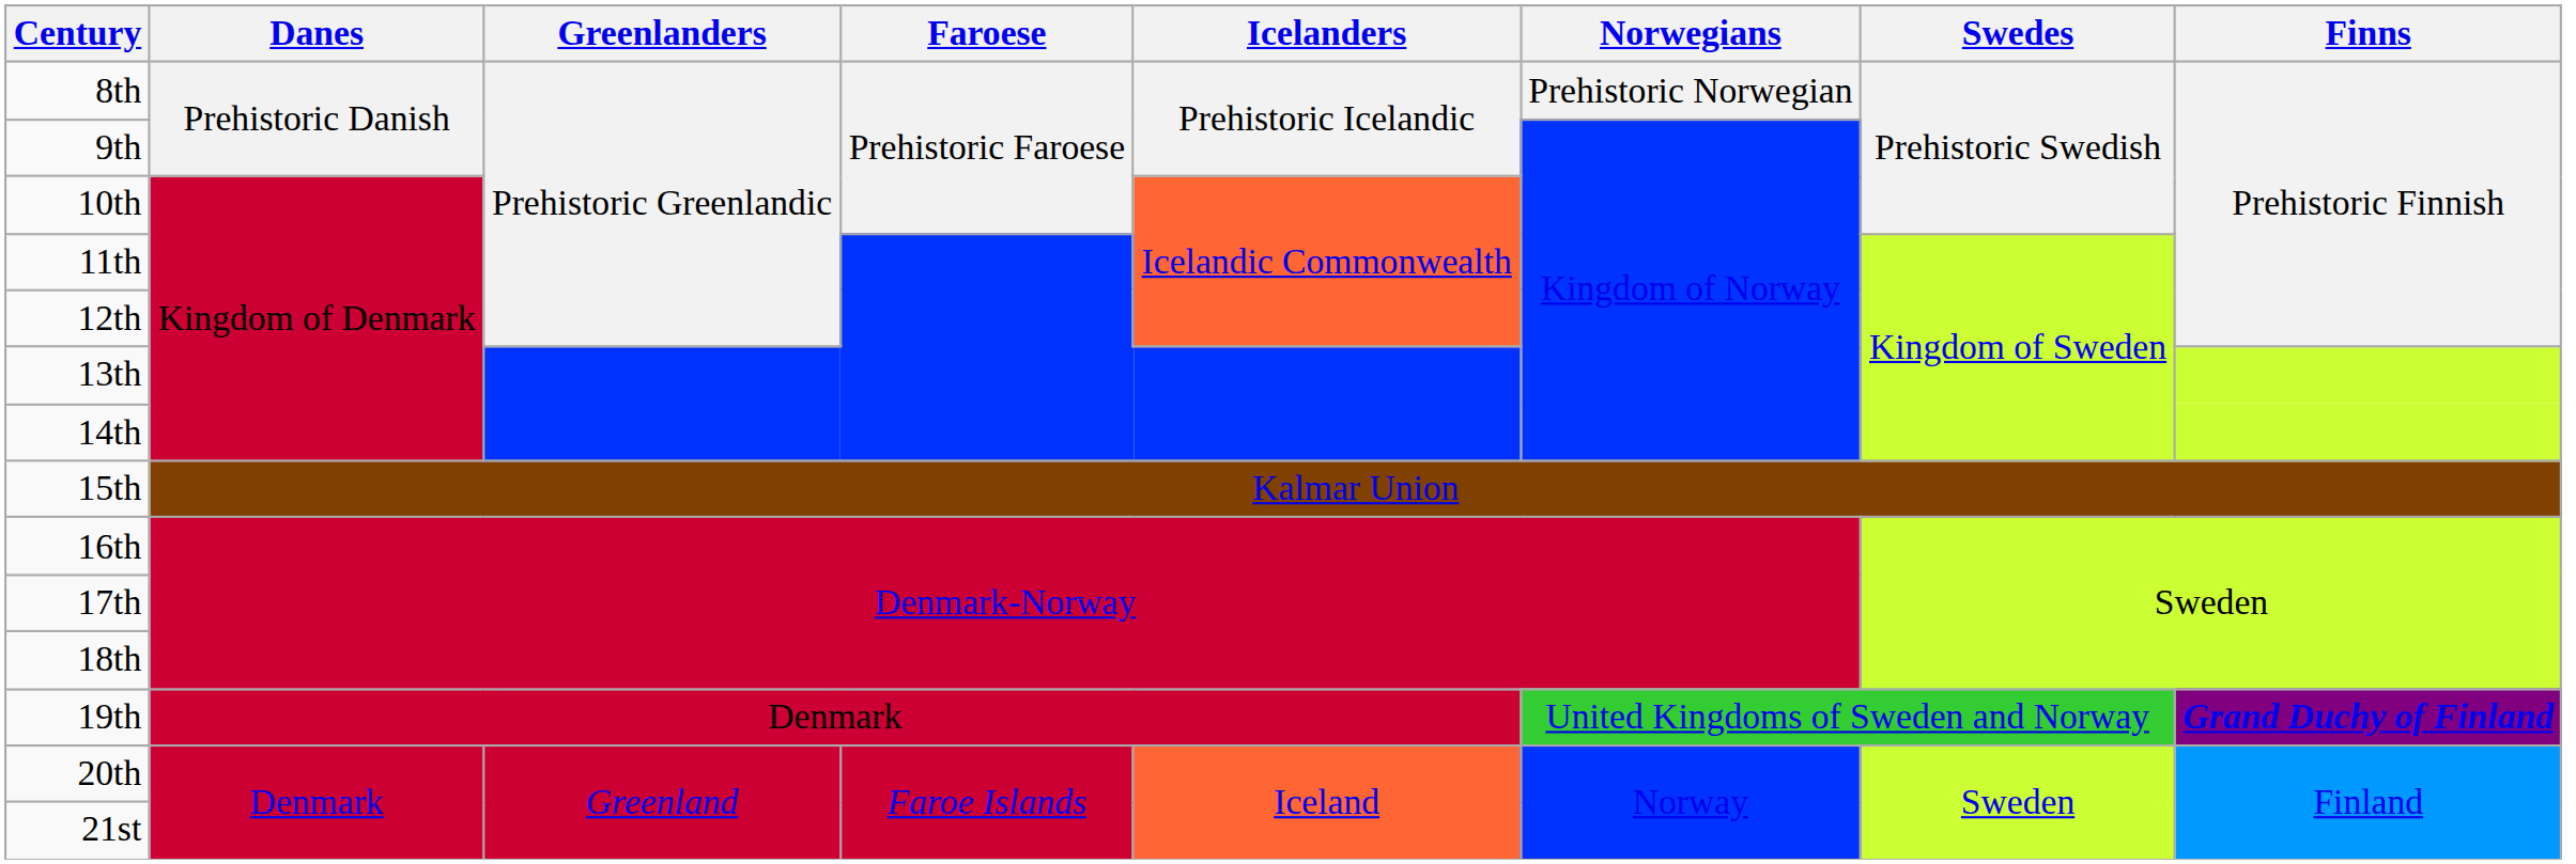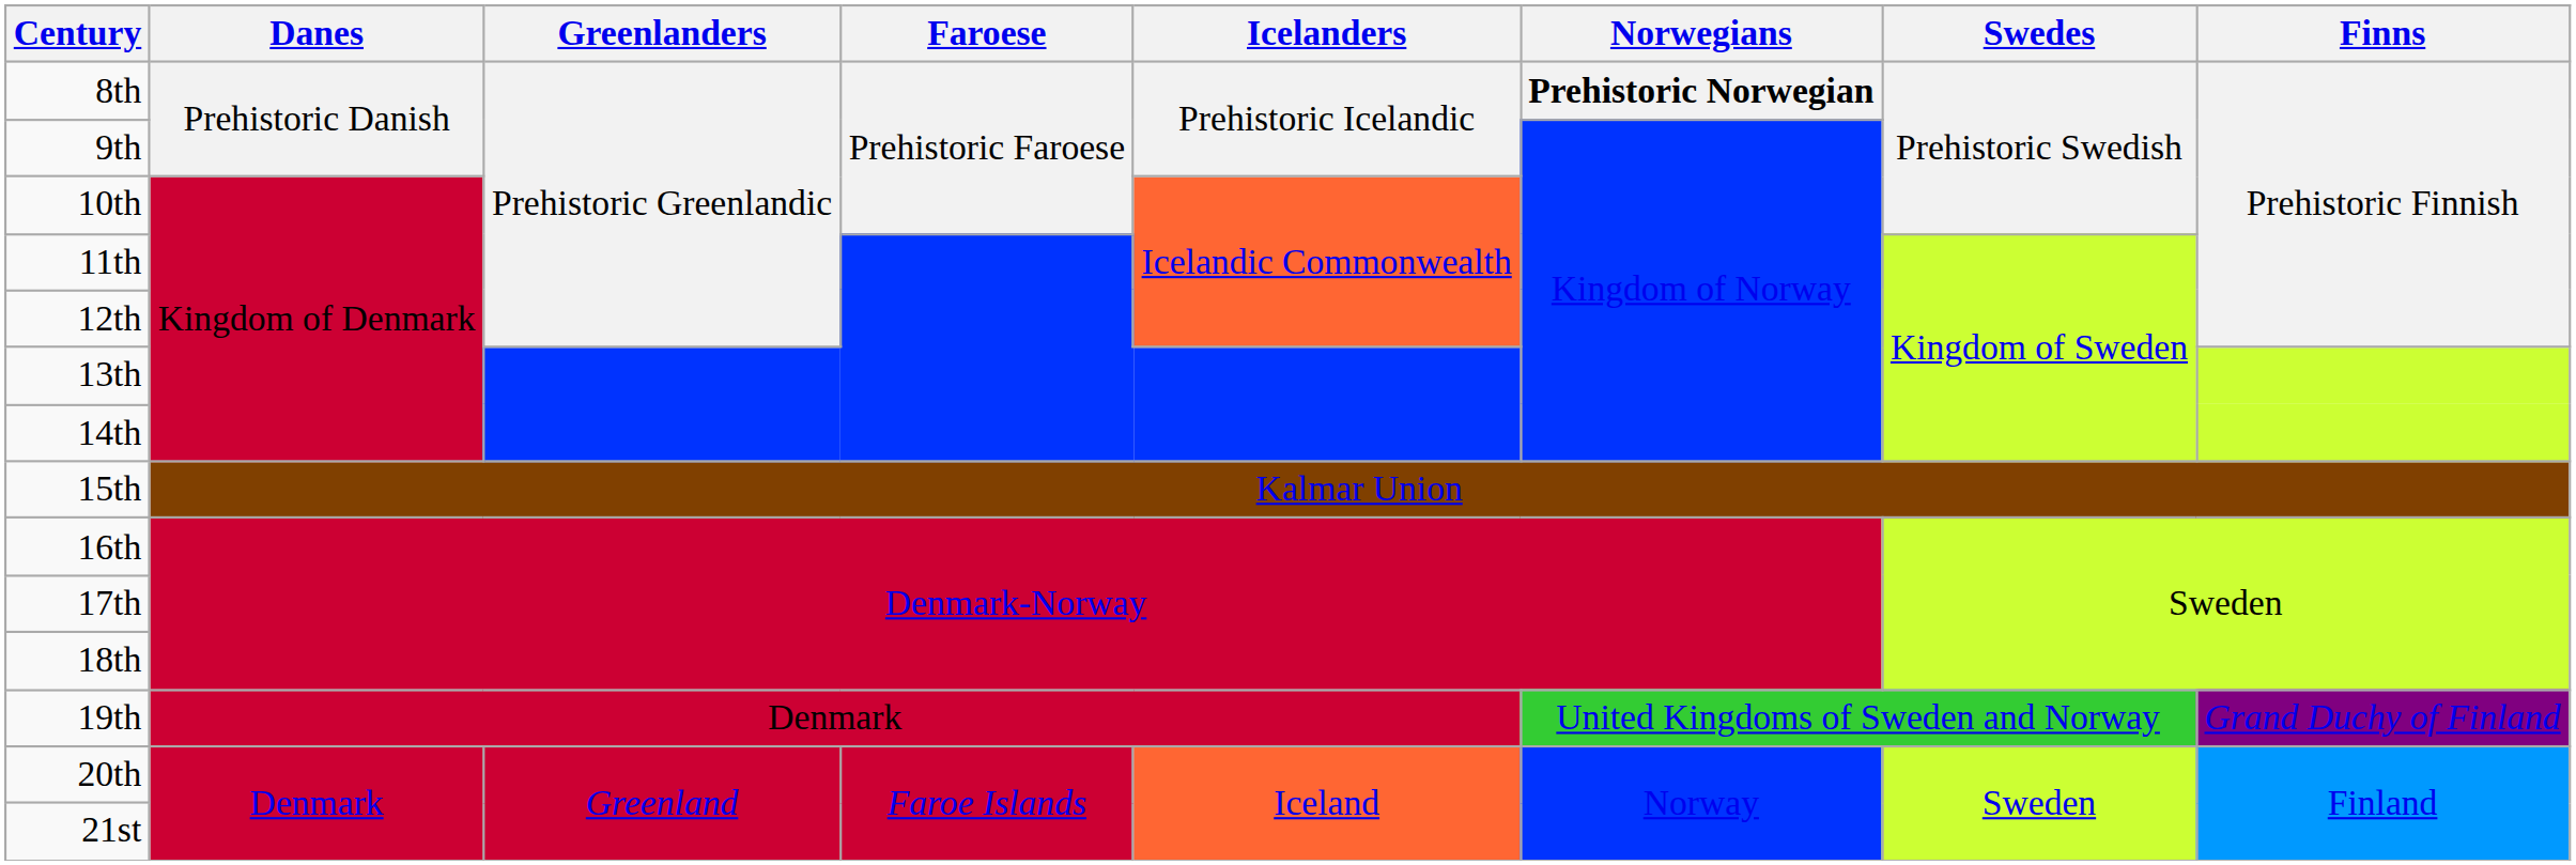 <table class="wikitable" style="text-align: center;">
 <tr>
 <th><a href='#'>Century</a></th>
 <th><a href='#'>Danes</a></th>
 <th><a href='#'>Greenlanders</a></th>
 <th><a href='#'>Faroese</a></th>
 <th><a href='#'>Icelanders</a></th>
 <th><a href='#'>Norwegians</a></th>
 <th><a href='#'>Swedes</a></th>
 <th><a href='#'>Finns</a></th>
 </tr>
 <tr>
 <td style="text-align: right;">8th</td>
 <td rowspan="2" style="background:#f2f2f2;">Prehistoric Danish<br></td>
 <td rowspan="5" style="background:#f2f2f2;">Prehistoric Greenlandic<br></td>
 <td rowspan="3" style="background:#f2f2f2;">Prehistoric Faroese<br></td>
 <td rowspan="2" style="background:#f2f2f2;">Prehistoric Icelandic<br></td>
-<td style="background:#f2f2f2;">Prehistoric Norwegian<br></td>
+<td style="background:#f2f2f2;"><strong>Prehistoric Norwegian<br></strong></td>
 <td rowspan="3" style="background:#f2f2f2;">Prehistoric Swedish<br></td>
 <td rowspan="5" style="background:#f2f2f2;">Prehistoric Finnish<br></td>
 </tr>
 <tr>
 <td style="text-align: right;">9th</td>
 <td rowspan="6" style="background:#03f;"><a href='#'><span>Kingdom of Norway</span></a></td>
 </tr>
 <tr>
 <td style="text-align: right;">10th</td>
 <td rowspan="5" style="background:#c03;"><span>Kingdom of Denmark</span></td>
 <td rowspan="3" style="background:#f63;"><a href='#'><span>Icelandic Commonwealth</span></a></td>
 </tr>
 <tr>
 <td style="text-align: right;">11th</td>
 <td rowspan="4" style="background:#03f; border:0;"></td>
 <td rowspan="4" style="background:#cf3;"><a href='#'>Kingdom of Sweden</a></td>
 </tr>
 <tr>
 <td style="text-align: right;">12th</td>
 </tr>
 <tr>
 <td style="text-align: right;">13th</td>
 <td rowspan="2" style="background:#03f; border:0;"></td>
 <td rowspan="2" style="background:#03f; border:0;"></td>
 <td style="background:#cf3; border:0;"></td>
 </tr>
 <tr>
 <td style="text-align: right;">14th</td>
 <td style="background:#cf3; border:0;"></td>
 </tr>
 <tr>
 <td style="text-align: right;">15th</td>
 <td colspan="7" style="background:#804000;"><a href='#'><span>Kalmar Union</span></a></td>
 </tr>
 <tr>
 <td style="text-align: right;">16th</td>
 <td colspan="5" rowspan="3" style="background:#c03;"><a href='#'><span>Denmark-Norway</span></a></td>
 <td colspan="2" rowspan="3" style="background:#cf3;">Sweden</td>
 </tr>
 <tr>
 <td style="text-align: right;">17th</td>
 </tr>
 <tr>
 <td style="text-align: right;">18th</td>
 </tr>
 <tr>
 <td style="text-align: right;">19th</td>
 <td colspan="4" style="background:#c03;"><span>Denmark</span></td>
 <td colspan="2" style="background:#3c3;"><a href='#'><span>United Kingdoms of Sweden and Norway</span></a></td>
-<td style="background:purple;"><strong><em><a href='#'><span>Grand Duchy of Finland</span></a></em></strong></td>
+<td style="background:purple;"><em><a href='#'><span>Grand Duchy of Finland</span></a></em></td>
 </tr>
 <tr>
 <td style="text-align: right;">20th</td>
 <td rowspan="2" style="background:#c03;"><a href='#'><span>Denmark</span></a></td>
 <td rowspan="2" style="background:#c03;"><em><a href='#'><span>Greenland</span></a></em></td>
 <td rowspan="2" style="background:#c03;"><em><a href='#'><span>Faroe Islands</span></a></em></td>
 <td rowspan="2" style="background:#f63;"><a href='#'><span>Iceland</span></a></td>
 <td rowspan="2" style="background:#03f;"><a href='#'><span>Norway</span></a></td>
 <td rowspan="2" style="background:#cf3;"><a href='#'>Sweden</a></td>
 <td rowspan="2" style="background:#09f;"><a href='#'><span>Finland</span></a></td>
 </tr>
 <tr>
 <td style="text-align: right;">21st</td>
 </tr>
 </table>
